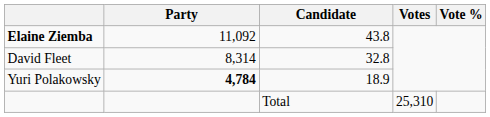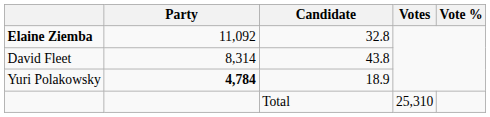 <table class="wikitable">
 <tr>
 <th></th>
 <th scope="col" width="175">Party</th>
 <th scope="col" width="150">Candidate</th>
 <th>Votes</th>
 <th>Vote %</th>
 </tr>
 <tr>
 <td><strong>Elaine Ziemba</strong></td>
 <td align=right>11,092</td>
-<td align=right>43.8</td>
+<td align=right>32.8</td>
 </tr>
 <tr |>
 <td>David Fleet</td>
 <td align=right>8,314</td>
-<td align=right>32.8</td>
+<td align=right>43.8</td>
 </tr>
 <tr |>
 <td>Yuri Polakowsky</td>
 <td align=right><strong>4,784</strong></td>
 <td align=right>18.9<br>  </td>
 </tr>
 <tr |>
 <td></td>
 <td></td>
 <td>Total</td>
 <td align=right>25,310</td>
 <td></td>
 </tr>
 </table>
